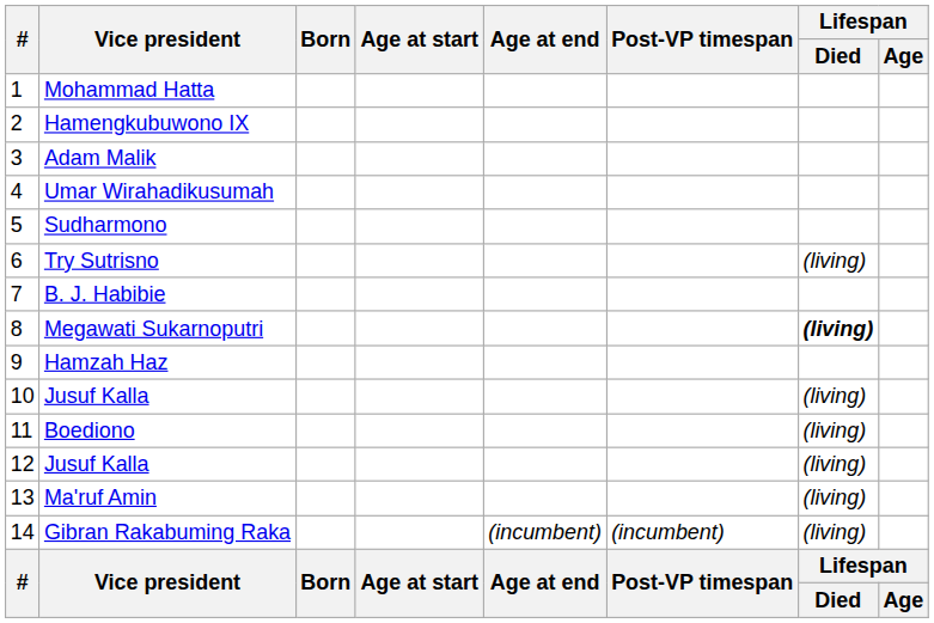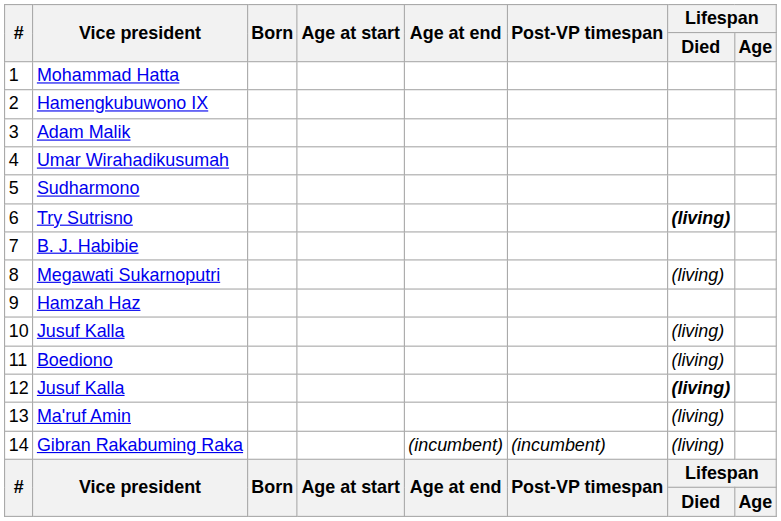 <table class="sortable wikitable">
 <tr>
 <th rowspan=2><abbr>#</abbr></th>
 <th rowspan=2 nowrap>Vice president</th>
 <th rowspan=2>Born</th>
 <th rowspan=2>Age at start<br></th>
 <th rowspan=2>Age at end<br></th>
 <th rowspan=2>Post-<abbr>VP</abbr> timespan</th>
 <th colspan=2>Lifespan</th>
 </tr>
 <tr>
 <th>Died</th>
 <th>Age</th>
 </tr>
 <tr style="text-align: left; background:#FFFFFF">
 <td>1</td>
 <td data-sort-value="Hatta"><a href='#'>Mohammad Hatta</a></td>
 <td></td>
 <td><br></td>
 <td><br></td>
 <td></td>
 <td></td>
 <td></td>
 </tr>
 <tr style="text-align: left; background:#FFFFFF">
 <td>2</td>
 <td data-sort-value="Hamengkubuwono"><a href='#'>Hamengkubuwono IX</a></td>
 <td></td>
 <td><br></td>
 <td><br></td>
 <td></td>
 <td></td>
 <td></td>
 </tr>
 <tr style="text-align: left; background:#FFFFFF">
 <td>3</td>
 <td data-sort-value="Adam"><a href='#'>Adam Malik</a></td>
 <td></td>
 <td><br></td>
 <td><br></td>
 <td></td>
 <td></td>
 <td></td>
 </tr>
 <tr style="text-align: left; background:#FFFFFF">
 <td>4</td>
 <td data-sort-value="Umar"><a href='#'>Umar Wirahadikusumah</a></td>
 <td></td>
 <td><br></td>
 <td><br></td>
 <td></td>
 <td></td>
 <td></td>
 </tr>
 <tr style="text-align: left; background:#FFFFFF">
 <td>5</td>
 <td><a href='#'>Sudharmono</a></td>
 <td></td>
 <td><br></td>
 <td><br></td>
 <td></td>
 <td></td>
 <td></td>
 </tr>
 <tr style="text-align: left; background:#FFFFFF">
 <td>6</td>
 <td data-sort-value="Try"><a href='#'>Try Sutrisno</a></td>
 <td></td>
 <td><br></td>
 <td><br></td>
 <td></td>
-<td><em>(living)</em></td>
+<td><strong><em>(living)</em></strong></td>
 <td><em></em></td>
 </tr>
 <tr style="text-align: left; background:#FFFFFF">
 <td>7</td>
 <td data-sort-value="Bacharudin"><a href='#'>B. J. Habibie</a></td>
 <td></td>
 <td><br></td>
 <td><br></td>
 <td></td>
 <td></td>
 <td></td>
 </tr>
 <tr style="text-align: left; background:#FFFFFF">
 <td>8</td>
 <td data-sort-value="Megawati"><a href='#'>Megawati Sukarnoputri</a></td>
 <td></td>
 <td><br></td>
 <td><br></td>
 <td></td>
-<td><strong><em>(living)</em></strong></td>
+<td><em>(living)</em></td>
 <td><em></em></td>
 </tr>
 <tr style="text-align: left; background:#FFFFFF">
 <td>9</td>
 <td data-sort-value="Hamzah"><a href='#'>Hamzah Haz</a></td>
 <td></td>
 <td><br></td>
 <td><br></td>
 <td></td>
 <td></td>
 <td></td>
 </tr>
 <tr style="text-align: left; background:#FFFFFF">
 <td>10</td>
 <td data-sort-value="Jusuf"><a href='#'>Jusuf Kalla</a></td>
 <td></td>
 <td><br></td>
 <td><br></td>
 <td></td>
 <td><em>(living)</em></td>
 <td><em></em></td>
 </tr>
 <tr style="text-align: left; background:#FFFFFF">
 <td>11</td>
 <td><a href='#'>Boediono</a></td>
 <td></td>
 <td><br></td>
 <td><br></td>
 <td></td>
 <td><em>(living)</em></td>
 <td><em></em></td>
 </tr>
 <tr style="text-align: left; background:#FFFFFF">
 <td>12</td>
 <td data-sort-value="Jusuf"><a href='#'>Jusuf Kalla</a></td>
 <td></td>
 <td><br></td>
 <td><br></td>
 <td></td>
-<td><em>(living)</em></td>
+<td><strong><em>(living)</em></strong></td>
 <td><em></em></td>
 </tr>
 <tr style="text-align: left; background:#FFFFFF">
 <td>13</td>
 <td data-sort-value="Ma'ruf"><a href='#'>Ma'ruf Amin</a></td>
 <td></td>
 <td><br></td>
 <td><br></td>
 <td></td>
 <td><em>(living)</em></td>
 <td><em></em></td>
 </tr>
 <tr style="text-align: left; background:#FFFFFF">
 <td>14</td>
 <td data-sort-value="Gibran"><a href='#'>Gibran Rakabuming Raka</a></td>
 <td></td>
 <td><br></td>
 <td><em>(incumbent)</em></td>
 <td><em>(incumbent)</em></td>
 <td><em>(living)</em></td>
 <td><em></em></td>
 </tr>
 <tr>
 <th rowspan=2><abbr>#</abbr></th>
 <th rowspan=2 nowrap>Vice president</th>
 <th rowspan=2>Born</th>
 <th rowspan=2>Age at start<br></th>
 <th rowspan=2>Age at end<br></th>
 <th rowspan=2>Post-<abbr>VP</abbr> timespan</th>
 <th colspan=2>Lifespan</th>
 </tr>
 <tr>
 <th>Died</th>
 <th>Age</th>
 </tr>
 </table>
